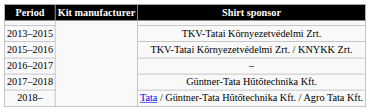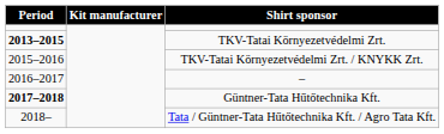 <table class="wikitable" style="text-align:center; margin-left:1em">
 <tr>
 <th style="color:white; background:black">Period</th>
 <th style="color:white; background:black">Kit manufacturer</th>
 <th style="color:white; background:black">Shirt sponsor</th>
 </tr>
 <tr>
 <td></td>
 <td rowspan=8> </td>
 <td></td>
 </tr>
 <tr>
-<td>2013–2015</td>
+<td><strong>2013–2015</strong></td>
 <td>TKV-Tatai Környezetvédelmi Zrt.</td>
 </tr>
 <tr>
 <td>2015–2016</td>
 <td>TKV-Tatai Környezetvédelmi Zrt. / KNYKK Zrt.</td>
 </tr>
 <tr>
 <td>2016–2017</td>
 <td>–</td>
 </tr>
 <tr>
-<td>2017–2018</td>
+<td><strong>2017–2018</strong></td>
 <td>Güntner-Tata Hűtőtechnika Kft.</td>
 </tr>
 <tr>
 <td>2018–</td>
 <td><a href='#'>Tata</a> / Güntner-Tata Hűtőtechnika Kft. / Agro Tata Kft.</td>
 </tr>
 </table>
